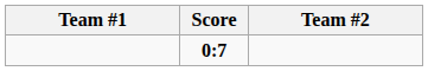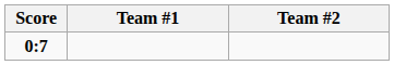 <table class="wikitable" style="text-align:center;">
 <tr>
+<th width=50>Score</th>
 <th width=140>Team #1</th>
-<th width=50>Score</th>
 <th width=140>Team #2</th>
 </tr>
 <tr>
+<td><strong>0:7</strong></td>
 <td style="text-align:right;"></td>
-<td><strong>0:7</strong></td>
 <td style="text-align:left;"></td>
 </tr>
 </table>
